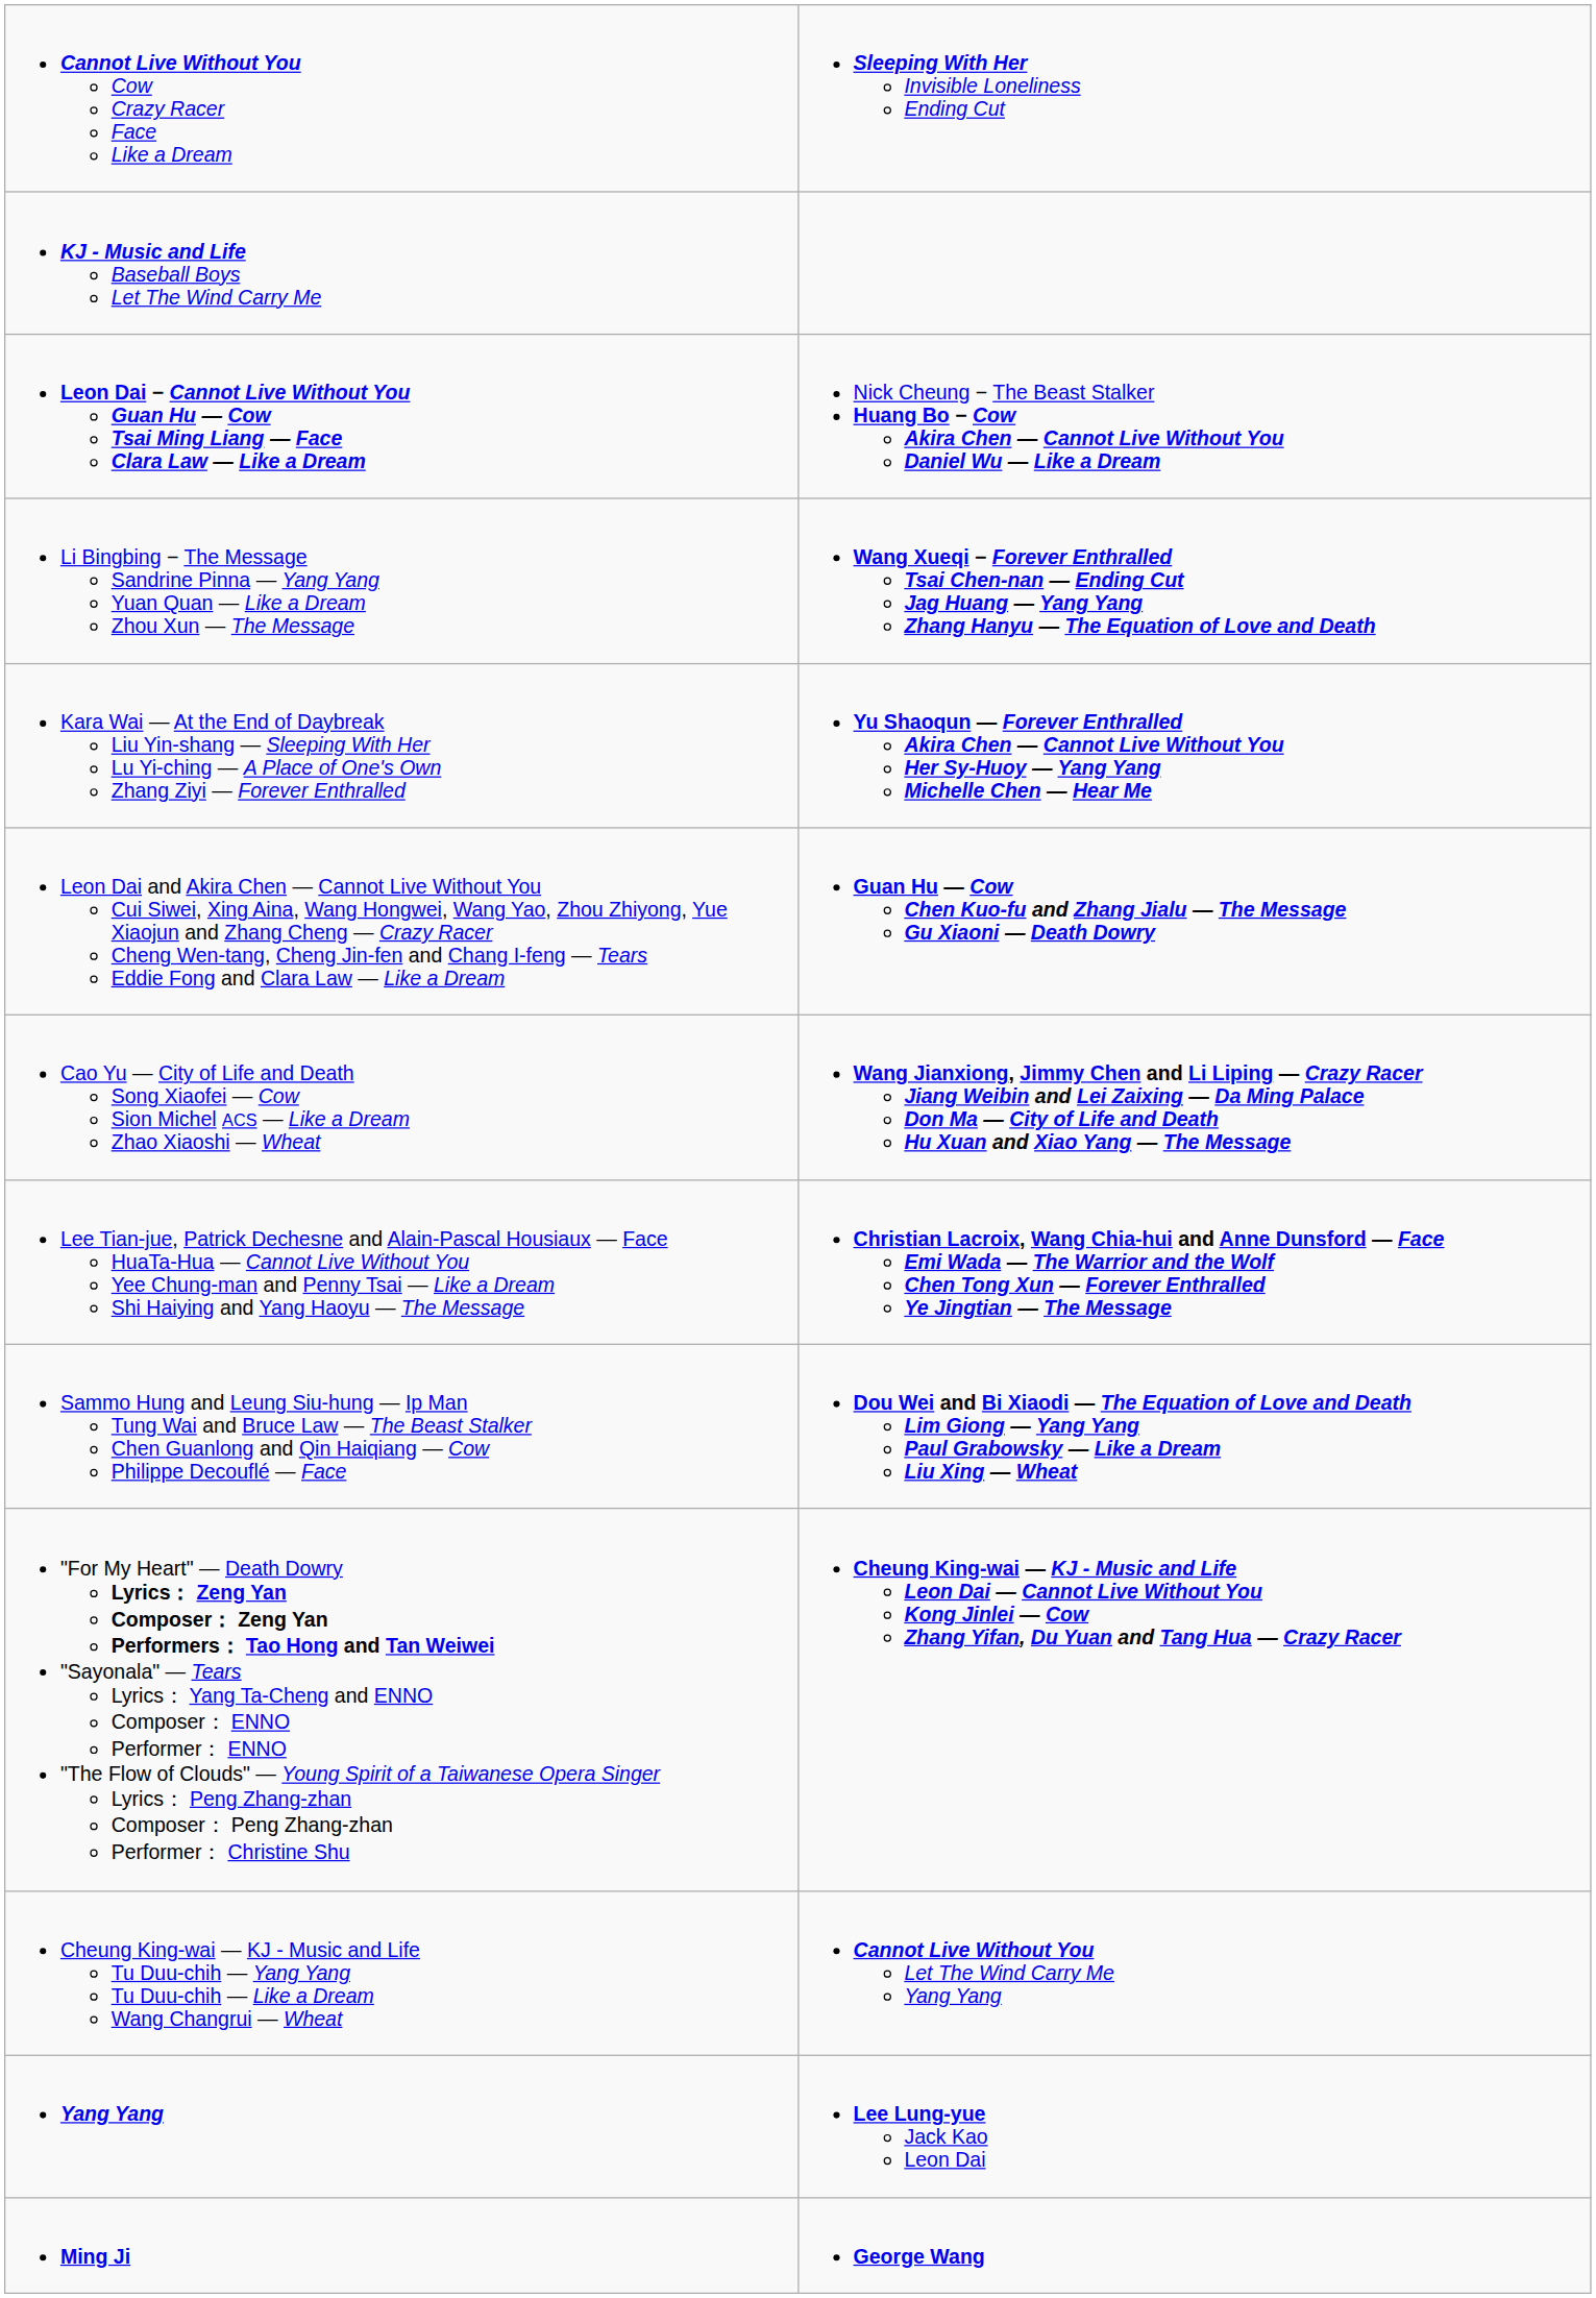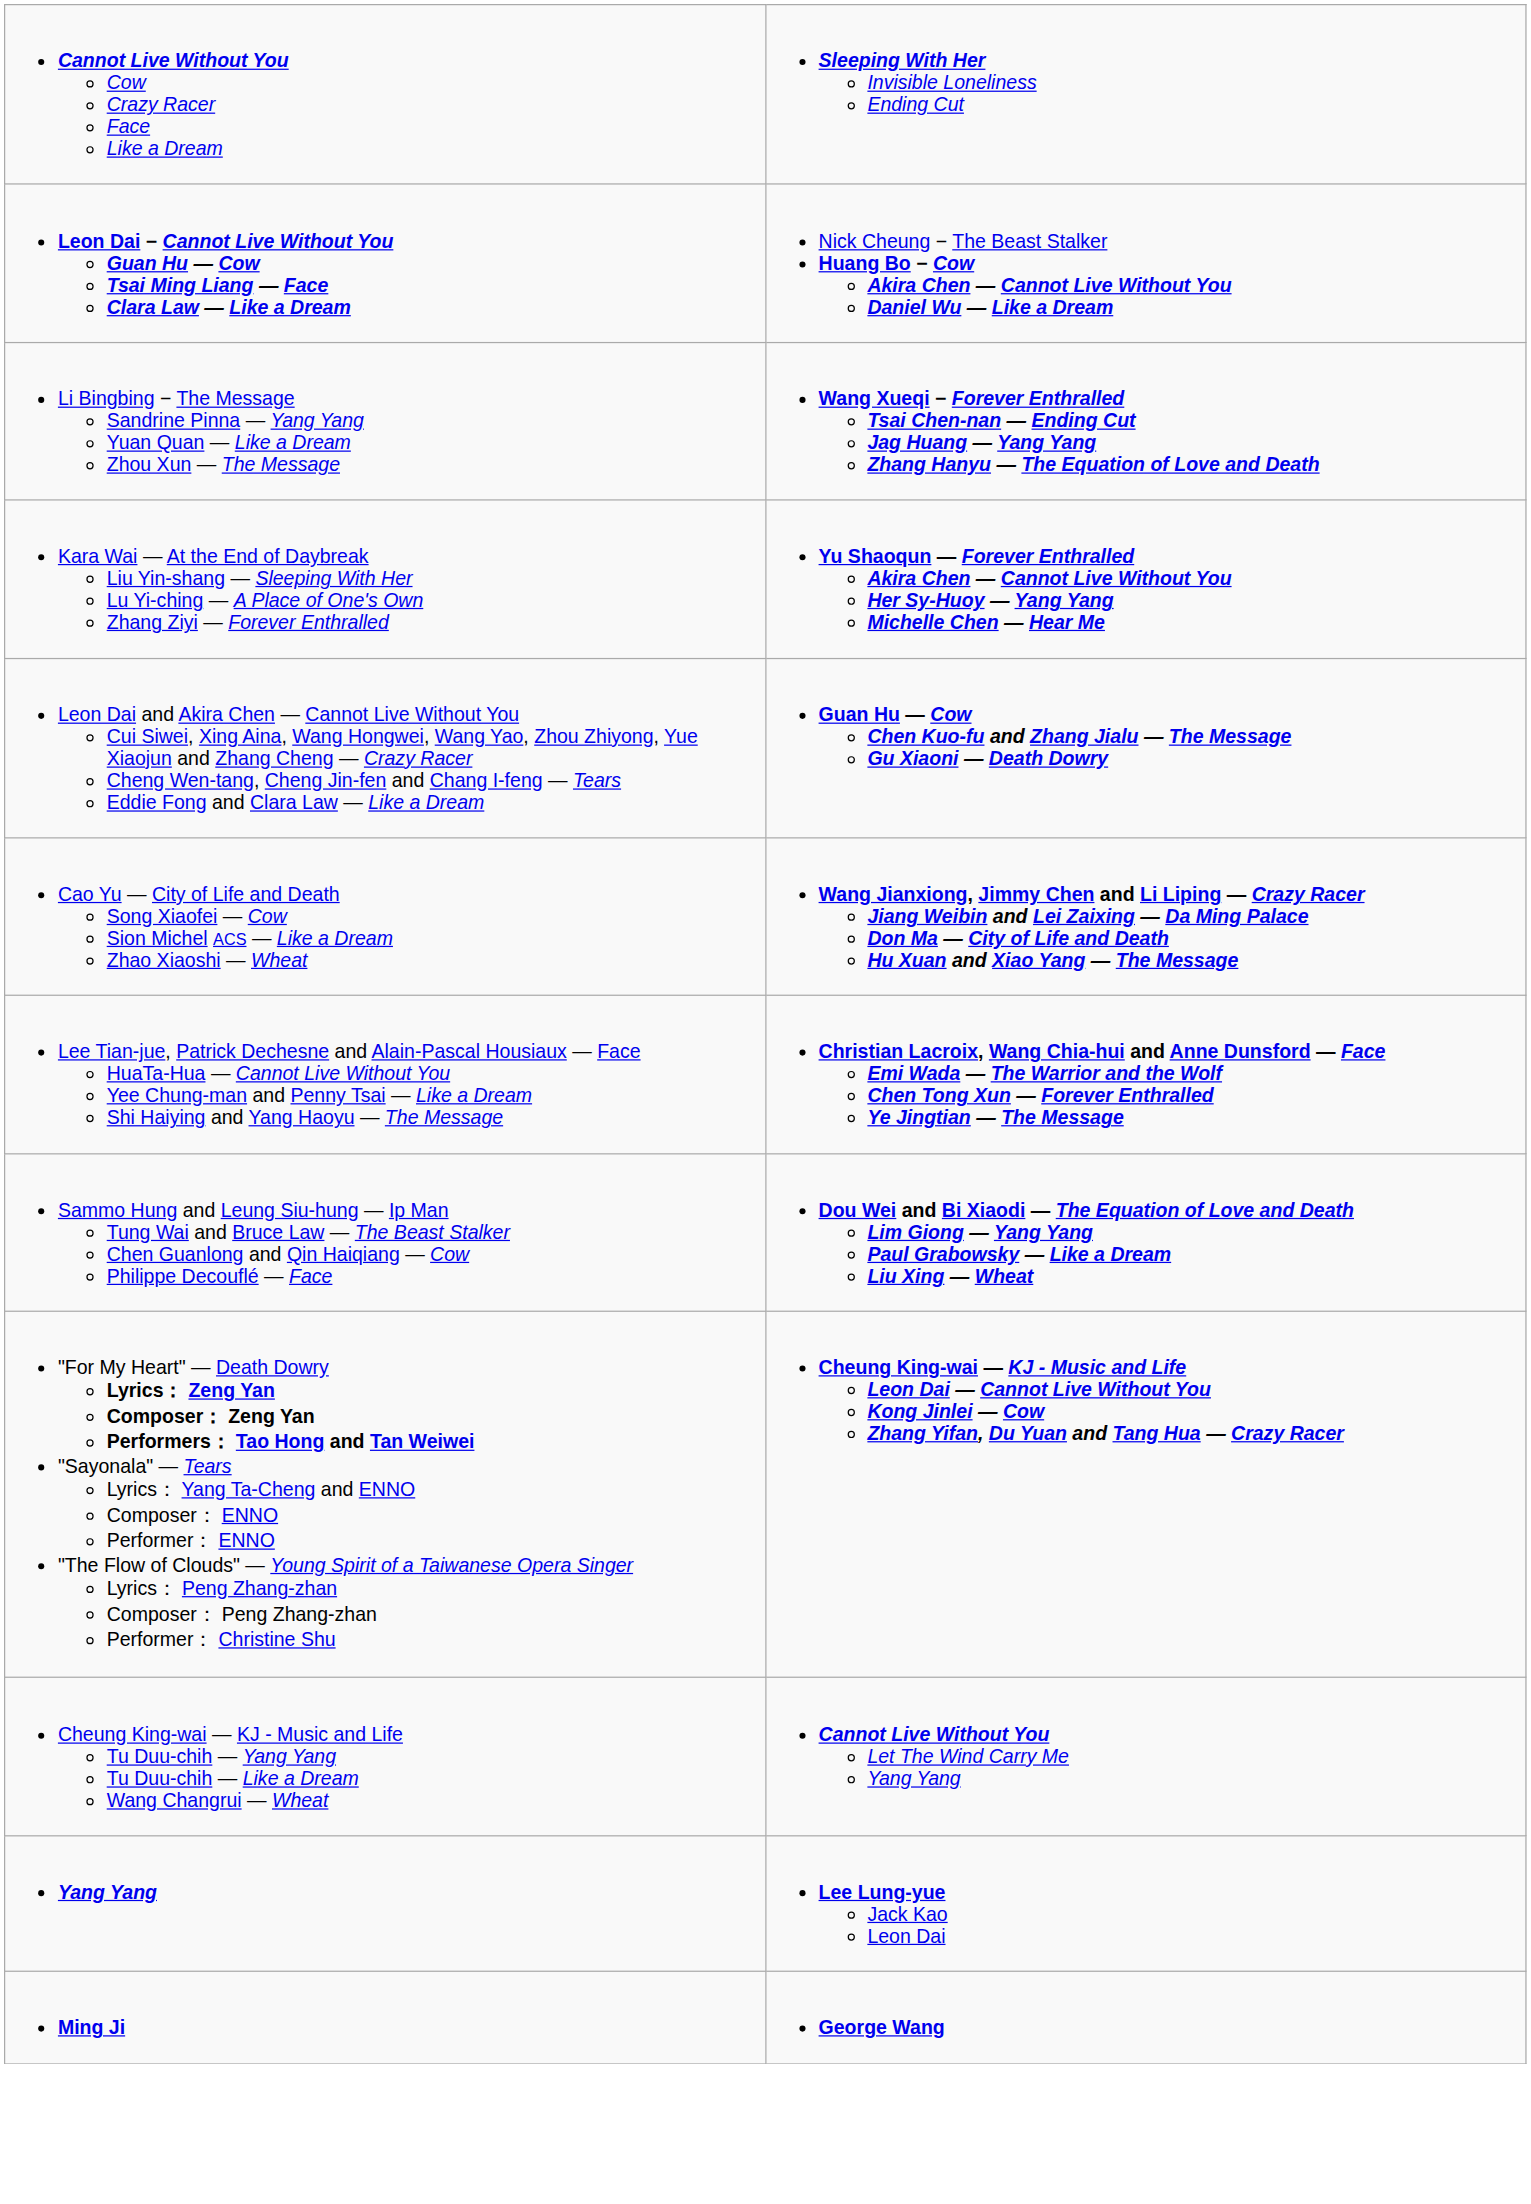 <table class=wikitable>
 <tr>
 <td valign="top" width="50%"><br><ul><li><strong><em><a href='#'>Cannot Live Without You</a></em></strong><ul><li><em><a href='#'>Cow</a></em></li><li><em><a href='#'>Crazy Racer</a></em></li><li><em><a href='#'>Face</a></em></li><li><em><a href='#'>Like a Dream</a></em></li></ul></li></ul></td>
 <td valign="top" width="50%"><br><ul><li><strong><em><a href='#'>Sleeping With Her</a></em></strong><ul><li><em><a href='#'>Invisible Loneliness</a></em></li><li><em><a href='#'>Ending Cut</a></em></li></ul></li></ul></td>
-</tr>
-<tr>
-<td valign="top" width="50%"><br><ul><li><strong><em><a href='#'>KJ - Music and Life</a></em></strong><ul><li><em><a href='#'>Baseball Boys</a></em></li><li><em><a href='#'>Let The Wind Carry Me</a></em></li></ul></li></ul></td>
-<td valign="top" width="50%"><br> </td>
 </tr>
 <tr>
 <td valign="top" width="50%"><br><ul><li><strong><a href='#'>Leon Dai</a> − <em><a href='#'>Cannot Live Without You</a><strong><em><ul><li><a href='#'>Guan Hu</a> — </em><a href='#'>Cow</a><em></li><li><a href='#'>Tsai Ming Liang</a> — </em><a href='#'>Face</a><em></li><li><a href='#'>Clara Law</a> — </em><a href='#'>Like a Dream</a><em></li></ul></li></ul></td>
 <td valign="top" width="50%"><br><ul><li></strong><a href='#'>Nick Cheung</a> − </em><a href='#'>The Beast Stalker</a></em></strong></li><li><strong><a href='#'>Huang Bo</a> − <em><a href='#'>Cow</a><strong><em><ul><li><a href='#'>Akira Chen</a> — </em><a href='#'>Cannot Live Without You</a><em></li><li><a href='#'>Daniel Wu</a> — </em><a href='#'>Like a Dream</a><em></li></ul></li></ul></td>
 </tr>
 <tr>
 <td valign="top" width="50%"><br><ul><li></strong><a href='#'>Li Bingbing</a> − </em><a href='#'>The Message</a></em></strong><ul><li><a href='#'>Sandrine Pinna</a> — <em><a href='#'>Yang Yang</a></em></li><li><a href='#'>Yuan Quan</a> — <em><a href='#'>Like a Dream</a></em></li><li><a href='#'>Zhou Xun</a> — <em><a href='#'>The Message</a></em></li></ul></li></ul></td>
 <td valign="top" width="50%"><br><ul><li><strong><a href='#'>Wang Xueqi</a> − <em><a href='#'>Forever Enthralled</a><strong><em><ul><li><a href='#'>Tsai Chen-nan</a> — </em><a href='#'>Ending Cut</a><em></li><li><a href='#'>Jag Huang</a> — </em><a href='#'>Yang Yang</a><em></li><li><a href='#'>Zhang Hanyu</a> — </em><a href='#'>The Equation of Love and Death</a><em></li></ul></li></ul></td>
 </tr>
 <tr>
 <td valign="top" width="50%"><br><ul><li></strong><a href='#'>Kara Wai</a> — </em><a href='#'>At the End of Daybreak</a></em></strong><ul><li><a href='#'>Liu Yin-shang</a> — <em><a href='#'>Sleeping With Her</a></em></li><li><a href='#'>Lu Yi-ching</a> — <em><a href='#'>A Place of One's Own</a></em></li><li><a href='#'>Zhang Ziyi</a> — <em><a href='#'>Forever Enthralled</a></em></li></ul></li></ul></td>
 <td valign="top" width="50%"><br><ul><li><strong><a href='#'>Yu Shaoqun</a> — <em><a href='#'>Forever Enthralled</a><strong><em><ul><li><a href='#'>Akira Chen</a> — </em><a href='#'>Cannot Live Without You</a><em></li><li><a href='#'>Her Sy-Huoy</a> — </em><a href='#'>Yang Yang</a><em></li><li><a href='#'>Michelle Chen</a> — </em><a href='#'>Hear Me</a><em></li></ul></li></ul></td>
 </tr>
 <tr>
 <td valign="top" width="50%"><br><ul><li></strong><a href='#'>Leon Dai</a> and <a href='#'>Akira Chen</a> — </em><a href='#'>Cannot Live Without You</a></em></strong><ul><li><a href='#'>Cui Siwei</a>, <a href='#'>Xing Aina</a>, <a href='#'>Wang Hongwei</a>, <a href='#'>Wang Yao</a>, <a href='#'>Zhou Zhiyong</a>, <a href='#'>Yue Xiaojun</a> and <a href='#'>Zhang Cheng</a>  — <em><a href='#'>Crazy Racer</a></em></li><li><a href='#'>Cheng Wen-tang</a>, <a href='#'>Cheng Jin-fen</a> and <a href='#'>Chang I-feng</a> — <em><a href='#'>Tears</a></em></li><li><a href='#'>Eddie Fong</a> and <a href='#'>Clara Law</a> — <em><a href='#'>Like a Dream</a></em></li></ul></li></ul></td>
 <td valign="top" width="50%"><br><ul><li><strong><a href='#'>Guan Hu</a> — <em><a href='#'>Cow</a><strong><em><ul><li><a href='#'>Chen Kuo-fu</a> and <a href='#'>Zhang Jialu</a> — </em><a href='#'>The Message</a><em></li><li><a href='#'>Gu Xiaoni</a> — </em><a href='#'>Death Dowry</a><em></li></ul></li></ul></td>
 </tr>
 <tr>
 <td valign="top" width="50%"><br><ul><li></strong><a href='#'>Cao Yu</a> — </em><a href='#'>City of Life and Death</a></em></strong><ul><li><a href='#'>Song Xiaofei</a> — <em><a href='#'>Cow</a></em></li><li><a href='#'>Sion Michel</a> <small><a href='#'>ACS</a></small> — <em><a href='#'>Like a Dream</a></em></li><li><a href='#'>Zhao Xiaoshi</a> — <em><a href='#'>Wheat</a></em></li></ul></li></ul></td>
 <td valign="top" width="50%"><br><ul><li><strong><a href='#'>Wang Jianxiong</a>, <a href='#'>Jimmy Chen</a> and <a href='#'>Li Liping</a> — <em><a href='#'>Crazy Racer</a><strong><em><ul><li><a href='#'>Jiang Weibin</a> and <a href='#'>Lei Zaixing</a> — </em><a href='#'>Da Ming Palace</a><em></li><li><a href='#'>Don Ma</a> — </em><a href='#'>City of Life and Death</a><em></li><li><a href='#'>Hu Xuan</a> and <a href='#'>Xiao Yang</a> — </em><a href='#'>The Message</a><em></li></ul></li></ul></td>
 </tr>
 <tr>
 <td valign="top" width="50%"><br><ul><li></strong><a href='#'>Lee Tian-jue</a>, <a href='#'>Patrick Dechesne</a> and <a href='#'>Alain-Pascal Housiaux</a> — </em><a href='#'>Face</a></em></strong><ul><li><a href='#'>HuaTa-Hua</a> — <em><a href='#'>Cannot Live Without You</a></em></li><li><a href='#'>Yee Chung-man</a> and <a href='#'>Penny Tsai</a> — <em><a href='#'>Like a Dream</a></em></li><li><a href='#'>Shi Haiying</a> and <a href='#'>Yang Haoyu</a> — <em><a href='#'>The Message</a></em></li></ul></li></ul></td>
 <td valign="top" width="50%"><br><ul><li><strong><a href='#'>Christian Lacroix</a>, <a href='#'>Wang Chia-hui</a> and <a href='#'>Anne Dunsford</a> — <em><a href='#'>Face</a><strong><em><ul><li><a href='#'>Emi Wada</a> — </em><a href='#'>The Warrior and the Wolf</a><em></li><li><a href='#'>Chen Tong Xun</a> — </em><a href='#'>Forever Enthralled</a><em></li><li><a href='#'>Ye Jingtian</a> — </em><a href='#'>The Message</a><em></li></ul></li></ul></td>
 </tr>
 <tr>
 <td valign="top" width="50%"><br><ul><li></strong><a href='#'>Sammo Hung</a> and <a href='#'>Leung Siu-hung</a> — </em><a href='#'>Ip Man</a></em></strong><ul><li><a href='#'>Tung Wai</a> and <a href='#'>Bruce Law</a> — <em><a href='#'>The Beast Stalker</a></em></li><li><a href='#'>Chen Guanlong</a> and <a href='#'>Qin Haiqiang</a> — <em><a href='#'>Cow</a></em></li><li><a href='#'>Philippe Decouflé</a> — <em><a href='#'>Face</a></em></li></ul></li></ul></td>
 <td valign="top" width="50%"><br><ul><li><strong><a href='#'>Dou Wei</a> and <a href='#'>Bi Xiaodi</a> — <em><a href='#'>The Equation of Love and Death</a><strong><em><ul><li><a href='#'>Lim Giong</a> — </em><a href='#'>Yang Yang</a><em></li><li><a href='#'>Paul Grabowsky</a> — </em><a href='#'>Like a Dream</a><em></li><li><a href='#'>Liu Xing</a> — </em><a href='#'>Wheat</a><em></li></ul></li></ul></td>
 </tr>
 <tr>
 <td valign="top" width="50%"><br><ul><li></strong>"For My Heart" — </em><a href='#'>Death Dowry</a></em></strong><ul><li><strong>Lyrics： <a href='#'>Zeng Yan</a></strong></li><li><strong>Composer： Zeng Yan</strong></li><li><strong>Performers： <a href='#'>Tao Hong</a> and <a href='#'>Tan Weiwei</a></strong></li></ul></li><li>"Sayonala" — <em><a href='#'>Tears</a></em><ul><li>Lyrics： <a href='#'>Yang Ta-Cheng</a> and <a href='#'>ENNO</a></li><li>Composer： <a href='#'>ENNO</a></li><li>Performer： <a href='#'>ENNO</a></li></ul></li><li>"The Flow of Clouds" — <em><a href='#'>Young Spirit of a Taiwanese Opera Singer</a></em><ul><li>Lyrics： <a href='#'>Peng Zhang-zhan</a></li><li>Composer： Peng Zhang-zhan</li><li>Performer： <a href='#'>Christine Shu</a></li></ul></li></ul></td>
 <td valign="top" width="50%"><br><ul><li><strong><a href='#'>Cheung King-wai</a> — <em><a href='#'>KJ - Music and Life</a><strong><em><ul><li><a href='#'>Leon Dai</a> — </em><a href='#'>Cannot Live Without You</a><em></li><li><a href='#'>Kong Jinlei</a> — </em><a href='#'>Cow</a><em></li><li><a href='#'>Zhang Yifan</a>, <a href='#'>Du Yuan</a> and <a href='#'>Tang Hua</a> — </em><a href='#'>Crazy Racer</a><em></li></ul></li></ul></td>
 </tr>
 <tr>
 <td valign="top" width="50%"><br><ul><li></strong><a href='#'>Cheung King-wai</a> — </em><a href='#'>KJ - Music and Life</a></em></strong><ul><li><a href='#'>Tu Duu-chih</a> — <em><a href='#'>Yang Yang</a></em></li><li><a href='#'>Tu Duu-chih</a> — <em><a href='#'>Like a Dream</a></em></li><li><a href='#'>Wang Changrui</a> — <em><a href='#'>Wheat</a></em></li></ul></li></ul></td>
 <td valign="top" width="50%"><br><ul><li><strong><em><a href='#'>Cannot Live Without You</a></em></strong><ul><li><em><a href='#'>Let The Wind Carry Me</a></em></li><li><em><a href='#'>Yang Yang</a></em></li></ul></li></ul></td>
 </tr>
 <tr>
 <td valign="top" width="50%"><br><ul><li><strong><em><a href='#'>Yang Yang</a></em></strong></li></ul></td>
 <td valign="top" width="50%"><br><ul><li><strong><a href='#'>Lee Lung-yue</a></strong><ul><li><a href='#'>Jack Kao</a></li><li><a href='#'>Leon Dai</a></li></ul></li></ul></td>
 </tr>
 <tr>
 <td valign="top" width="50%"><br><ul><li><strong><a href='#'>Ming Ji</a></strong></li></ul></td>
 <td valign="top" width="50%"><br><ul><li><strong><a href='#'>George Wang</a></strong></li></ul></td>
 </tr>
 </table>
